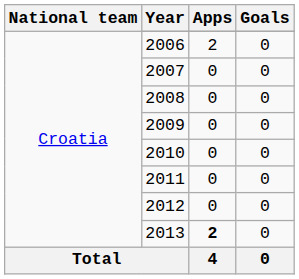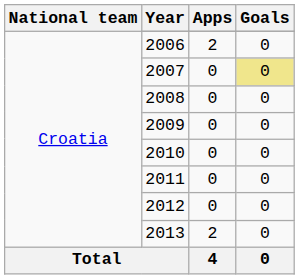 <table class="wikitable" style="text-align: center;">
 <tr>
 <th>National team</th>
 <th>Year</th>
 <th>Apps</th>
 <th>Goals</th>
 </tr>
 <tr>
 <td rowspan=9><a href='#'>Croatia</a></td>
 </tr>
 <tr>
 <td>2006</td>
 <td>2</td>
 <td>0</td>
 </tr>
 <tr>
 <td>2007</td>
 <td>0</td>
-<td>0</td>
+<td style="background: khaki;">0</td>
 </tr>
 <tr>
 <td>2008</td>
 <td>0</td>
 <td>0</td>
 </tr>
 <tr>
 <td>2009</td>
 <td>0</td>
 <td>0</td>
 </tr>
 <tr>
 <td>2010</td>
 <td>0</td>
 <td>0</td>
 </tr>
 <tr>
 <td>2011</td>
 <td>0</td>
 <td>0</td>
 </tr>
 <tr>
 <td>2012</td>
 <td>0</td>
 <td>0</td>
 </tr>
 <tr>
 <td>2013</td>
-<td><strong>2</strong></td>
+<td>2</td>
 <td>0</td>
 </tr>
 <tr>
 <th colspan=2>Total</th>
 <th>4</th>
 <th>0</th>
 </tr>
 </table>
